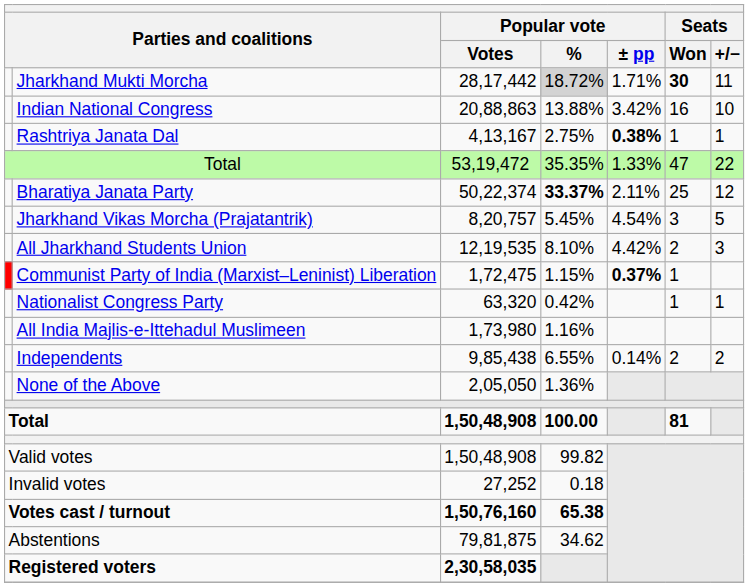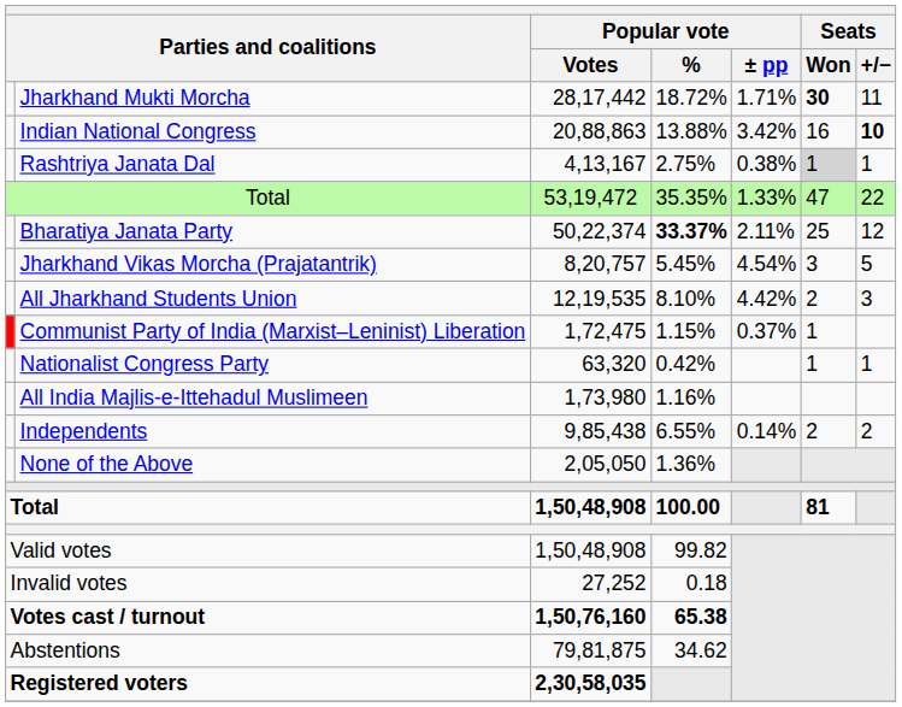 <table class="wikitable sortable">
 <tr>
 <th colspan=10></th>
 </tr>
 <tr>
 <th colspan="2" rowspan="2">Parties and coalitions</th>
 <th colspan="3">Popular vote</th>
 <th colspan="2">Seats</th>
 </tr>
 <tr>
 <th>Votes</th>
 <th>%</th>
 <th>± <a href='#'>pp</a></th>
 <th>Won</th>
 <th><strong>+/−</strong></th>
 </tr>
 <tr>
 <td></td>
 <td><a href='#'>Jharkhand Mukti Morcha</a></td>
 <td align="right">28,17,442</td>
-<td style="background: lightgrey;">18.72%</td>
+<td>18.72%</td>
 <td> 1.71%</td>
 <td><strong>30</strong></td>
 <td>11</td>
 </tr>
 <tr>
 <td></td>
 <td><a href='#'>Indian National Congress</a></td>
 <td align="right">20,88,863</td>
 <td>13.88%</td>
 <td> 3.42%</td>
 <td>16</td>
-<td>10</td>
+<td><strong>10</strong></td>
 </tr>
 <tr>
 <td></td>
 <td><a href='#'>Rashtriya Janata Dal</a></td>
 <td align="right">4,13,167</td>
 <td>2.75%</td>
-<td><strong> 0.38%</strong></td>
-<td>1</td>
+<td> 0.38%</td>
+<td style="background: lightgrey;">1</td>
 <td>1</td>
 </tr>
 <tr>
 <td colspan="2" style="background: #BDFAA7" align="center">Total</td>
 <td style="background:	#BDFAA7" align="center">53,19,472</td>
 <td style="background:	#BDFAA7">35.35%</td>
 <td style="background:	#BDFAA7"> 1.33%</td>
 <td style="background:	#BDFAA7">47</td>
 <td style="background:	#BDFAA7"> 22</td>
 </tr>
 <tr>
 <td></td>
 <td><a href='#'>Bharatiya Janata Party</a></td>
 <td align="right">50,22,374</td>
 <td><strong>33.37%</strong></td>
 <td> 2.11%</td>
 <td>25</td>
 <td>12</td>
 </tr>
 <tr>
 <td></td>
 <td><a href='#'>Jharkhand Vikas Morcha (Prajatantrik)</a></td>
 <td align="right">8,20,757</td>
 <td>5.45%</td>
 <td> 4.54%</td>
 <td>3</td>
 <td>5</td>
 </tr>
 <tr>
 <td></td>
 <td><a href='#'>All Jharkhand Students Union</a></td>
 <td align="right">12,19,535</td>
 <td>8.10%</td>
 <td> 4.42%</td>
 <td>2</td>
 <td>3</td>
 </tr>
 <tr>
 <td bgcolor="red"></td>
 <td><a href='#'>Communist Party of India (Marxist–Leninist) Liberation</a></td>
 <td align="right">1,72,475</td>
 <td>1.15%</td>
-<td><strong> 0.37%</strong></td>
+<td> 0.37%</td>
 <td>1</td>
 <td></td>
 </tr>
 <tr>
 <td></td>
 <td><a href='#'>Nationalist Congress Party</a></td>
 <td align="right">63,320</td>
 <td>0.42%</td>
 <td></td>
 <td>1</td>
 <td>1</td>
 </tr>
 <tr>
 <td></td>
 <td><a href='#'>All India Majlis-e-Ittehadul Muslimeen</a></td>
 <td align="right">1,73,980</td>
 <td>1.16%</td>
 <td></td>
 <td></td>
 <td></td>
 </tr>
 <tr>
 <td></td>
 <td><a href='#'>Independents</a></td>
 <td align="right">9,85,438</td>
 <td>6.55%</td>
 <td> 0.14%</td>
 <td>2</td>
 <td>2</td>
 </tr>
 <tr>
 <td></td>
 <td><a href='#'>None of the Above</a></td>
 <td align="right">2,05,050</td>
 <td>1.36%</td>
 <td bgcolor="#E9E9E9"></td>
 <td colspan="2" bgcolor="#E9E9E9"></td>
 </tr>
 <tr>
 <td colspan="7" bgcolor="#E9E9E9"></td>
 </tr>
 <tr style="font-weight:bold;">
 <td align="left" colspan="2">Total</td>
 <td align="right">1,50,48,908</td>
 <td>100.00</td>
 <td bgcolor="#E9E9E9"></td>
 <td>81</td>
 <td bgcolor="#E9E9E9"></td>
 </tr>
 <tr>
 <th colspan="9"></th>
 </tr>
 <tr>
 <td style="text-align:left;" colspan="2">Valid votes</td>
 <td align="right">1,50,48,908</td>
 <td align="right">99.82</td>
 <td colspan="4" rowspan="5" style="background-color:#E9E9E9"></td>
 </tr>
 <tr>
 <td style="text-align:left;" colspan="2">Invalid votes</td>
 <td align="right">27,252</td>
 <td align="right">0.18</td>
 </tr>
 <tr>
 <td style="text-align:left;" colspan="2"><strong>Votes cast / turnout</strong></td>
 <td align="right"><strong>1,50,76,160</strong></td>
 <td align="right"><strong>65.38</strong></td>
 </tr>
 <tr>
 <td style="text-align:left;" colspan="2">Abstentions</td>
 <td align="right">79,81,875</td>
 <td align="right">34.62</td>
 </tr>
 <tr>
 <td style="text-align:left;" colspan="2"><strong>Registered voters</strong></td>
 <td align="right"><strong>2,30,58,035</strong></td>
 <td colspan="1" style="background-color:#E9E9E9"></td>
 </tr>
 <tr>
 </tr>
 </table>
